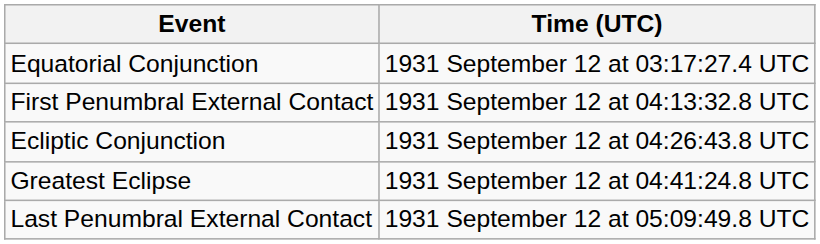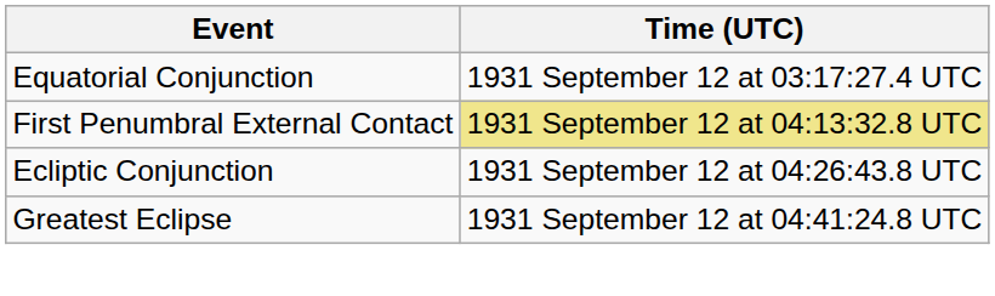 <table class="wikitable">
 <tr>
 <th>Event</th>
 <th>Time (UTC)</th>
 </tr>
 <tr>
 <td>Equatorial Conjunction</td>
 <td>1931 September 12 at 03:17:27.4 UTC</td>
 </tr>
 <tr>
 <td>First Penumbral External Contact</td>
-<td>1931 September 12 at 04:13:32.8 UTC</td>
+<td style="background: khaki;">1931 September 12 at 04:13:32.8 UTC</td>
 </tr>
 <tr>
 <td>Ecliptic Conjunction</td>
 <td>1931 September 12 at 04:26:43.8 UTC</td>
 </tr>
 <tr>
 <td>Greatest Eclipse</td>
 <td>1931 September 12 at 04:41:24.8 UTC</td>
 </tr>
-<tr>
-<td>Last Penumbral External Contact</td>
-<td>1931 September 12 at 05:09:49.8 UTC</td>
-</tr>
 </table>
